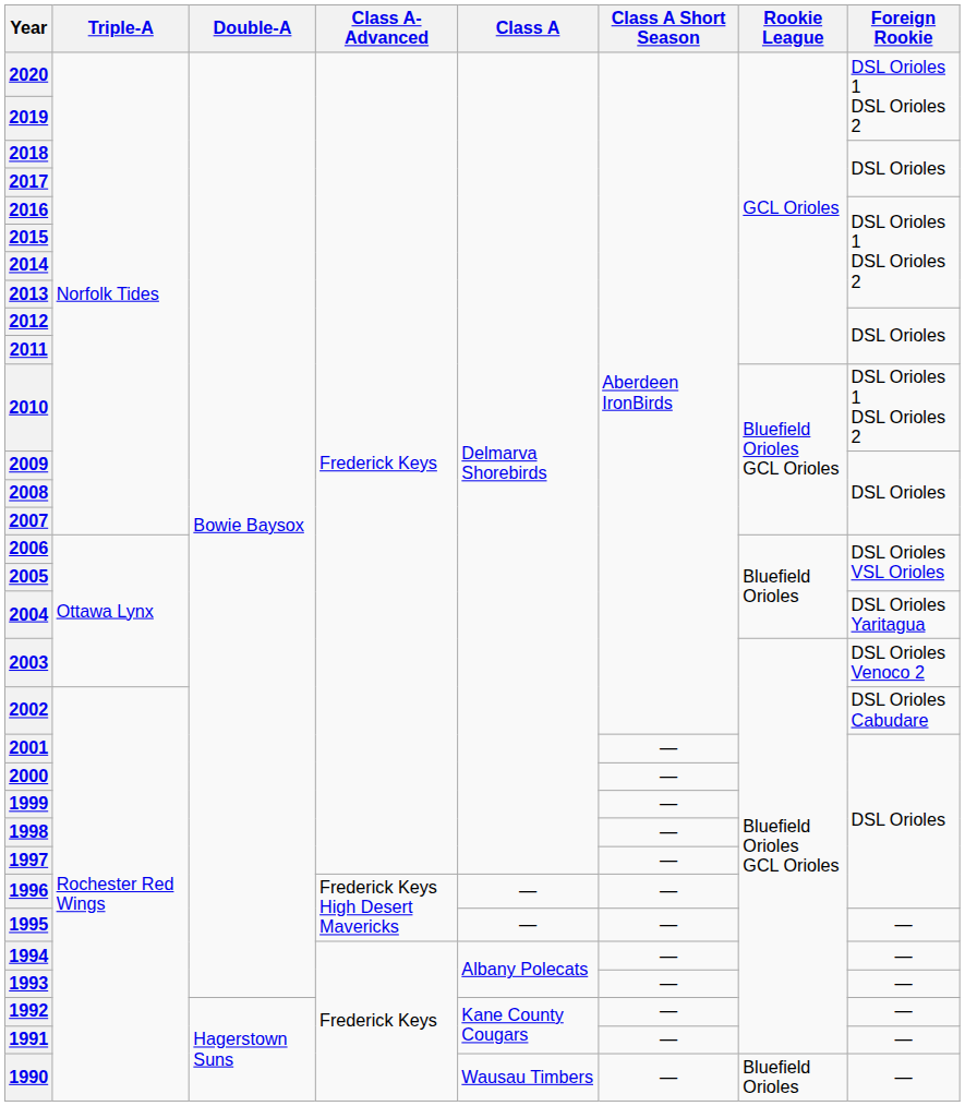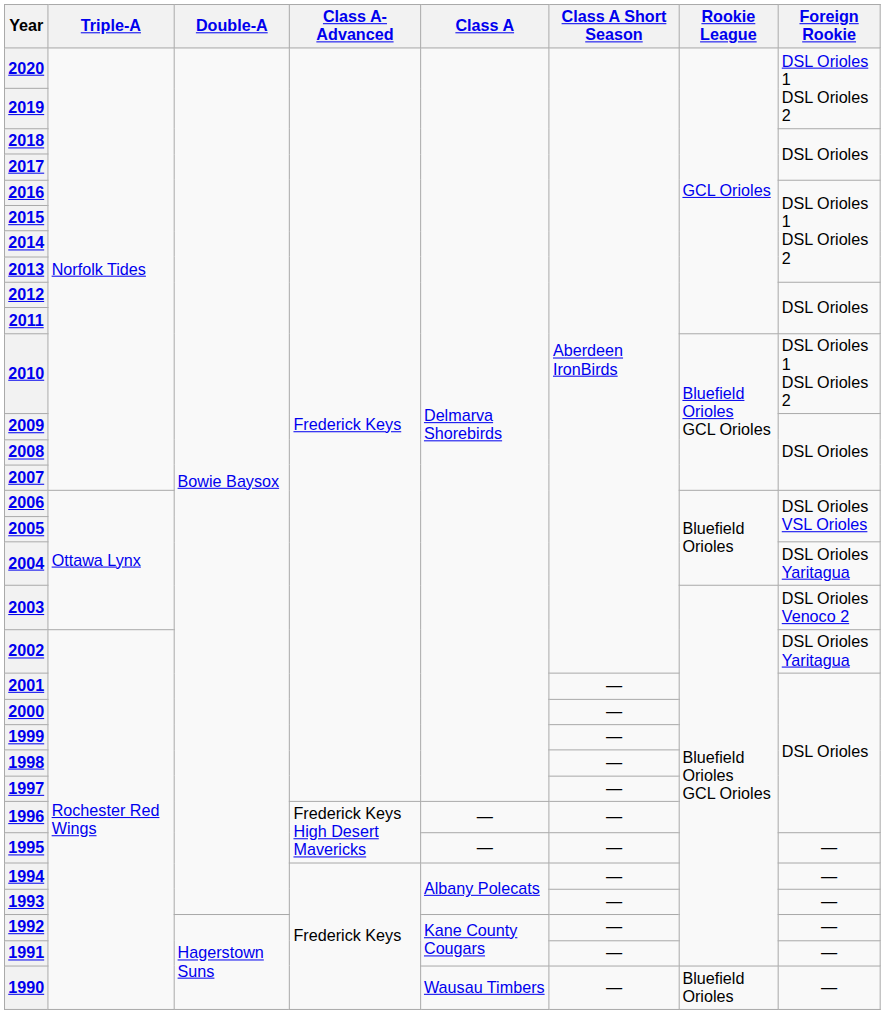 <table class="wikitable">
 <tr>
 <th>Year</th>
 <th><a href='#'><span>Triple-A</span></a></th>
 <th><a href='#'><span>Double-A</span></a></th>
 <th><a href='#'><span>Class A-Advanced</span></a></th>
 <th><a href='#'><span>Class A</span></a></th>
 <th><a href='#'><span>Class A Short Season</span></a></th>
 <th><a href='#'><span>Rookie League</span></a></th>
 <th><a href='#'><span>Foreign Rookie</span></a></th>
 </tr>
 <tr>
 <th><a href='#'>2020</a></th>
 <td rowspan=14><a href='#'>Norfolk Tides</a></td>
 <td rowspan=28><a href='#'>Bowie Baysox</a></td>
 <td rowspan=24><a href='#'>Frederick Keys</a></td>
 <td rowspan=24><a href='#'>Delmarva Shorebirds</a></td>
 <td rowspan=19><a href='#'>Aberdeen IronBirds</a></td>
 <td rowspan=10><a href='#'>GCL Orioles</a></td>
 <td rowspan=2><a href='#'>DSL Orioles</a> 1<br>DSL Orioles 2</td>
 </tr>
 <tr>
 <th><a href='#'>2019</a></th>
 </tr>
 <tr>
 <th><a href='#'>2018</a></th>
 <td rowspan=2>DSL Orioles</td>
 </tr>
 <tr>
 <th><a href='#'>2017</a></th>
 </tr>
 <tr>
 <th><a href='#'>2016</a></th>
 <td rowspan=4>DSL Orioles 1<br>DSL Orioles 2</td>
 </tr>
 <tr>
 <th><a href='#'>2015</a></th>
 </tr>
 <tr>
 <th><a href='#'>2014</a></th>
 </tr>
 <tr>
 <th><a href='#'>2013</a></th>
 </tr>
 <tr>
 <th><a href='#'>2012</a></th>
 <td rowspan=2>DSL Orioles</td>
 </tr>
 <tr>
 <th><a href='#'>2011</a></th>
 </tr>
 <tr>
 <th><a href='#'>2010</a></th>
 <td rowspan=4><a href='#'>Bluefield Orioles</a><br>GCL Orioles</td>
 <td>DSL Orioles 1<br>DSL Orioles 2</td>
 </tr>
 <tr>
 <th><a href='#'>2009</a></th>
 <td rowspan=3>DSL Orioles</td>
 </tr>
 <tr>
 <th><a href='#'>2008</a></th>
 </tr>
 <tr>
 <th><a href='#'>2007</a></th>
 </tr>
 <tr>
 <th><a href='#'>2006</a></th>
 <td rowspan=4><a href='#'>Ottawa Lynx</a></td>
 <td rowspan=3>Bluefield Orioles</td>
 <td rowspan=2>DSL Orioles<br><a href='#'>VSL Orioles</a></td>
 </tr>
 <tr>
 <th><a href='#'>2005</a></th>
 </tr>
 <tr>
 <th><a href='#'>2004</a></th>
 <td>DSL Orioles<br><a href='#'>Yaritagua</a></td>
 </tr>
 <tr>
 <th><a href='#'>2003</a></th>
 <td rowspan=13>Bluefield Orioles<br>GCL Orioles</td>
 <td>DSL Orioles<br><a href='#'>Venoco 2</a></td>
 </tr>
 <tr>
 <th><a href='#'>2002</a></th>
 <td rowspan=13><a href='#'>Rochester Red Wings</a></td>
-<td>DSL Orioles<br><a href='#'>Cabudare</a></td>
+<td>DSL Orioles<br><a href='#'>Yaritagua</a></td>
 </tr>
 <tr>
 <th><a href='#'>2001</a></th>
 <td align="center">—</td>
 <td rowspan=6>DSL Orioles</td>
 </tr>
 <tr>
 <th><a href='#'>2000</a></th>
 <td align="center">—</td>
 </tr>
 <tr>
 <th><a href='#'>1999</a></th>
 <td align="center">—</td>
 </tr>
 <tr>
 <th><a href='#'>1998</a></th>
 <td align="center">—</td>
 </tr>
 <tr>
 <th><a href='#'>1997</a></th>
 <td align="center">—</td>
 </tr>
 <tr>
 <th><a href='#'>1996</a></th>
 <td rowspan=2>Frederick Keys<br><a href='#'>High Desert Mavericks</a></td>
 <td align="center">—</td>
 <td align="center">—</td>
 </tr>
 <tr>
 <th><a href='#'>1995</a></th>
 <td align="center">—</td>
 <td align="center">—</td>
 <td align="center">—</td>
 </tr>
 <tr>
 <th><a href='#'>1994</a></th>
 <td rowspan=5>Frederick Keys</td>
 <td rowspan=2><a href='#'>Albany Polecats</a></td>
 <td align="center">—</td>
 <td align="center">—</td>
 </tr>
 <tr>
 <th><a href='#'>1993</a></th>
 <td align="center">—</td>
 <td align="center">—</td>
 </tr>
 <tr>
 <th><a href='#'>1992</a></th>
 <td rowspan=3><a href='#'>Hagerstown Suns</a></td>
 <td rowspan=2><a href='#'>Kane County Cougars</a></td>
 <td align="center">—</td>
 <td align="center">—</td>
 </tr>
 <tr>
 <th><a href='#'>1991</a></th>
 <td align="center">—</td>
 <td align="center">—</td>
 </tr>
 <tr>
 <th><a href='#'>1990</a></th>
 <td><a href='#'>Wausau Timbers</a></td>
 <td align="center">—</td>
 <td>Bluefield Orioles</td>
 <td align="center">—</td>
 </tr>
 </table>
